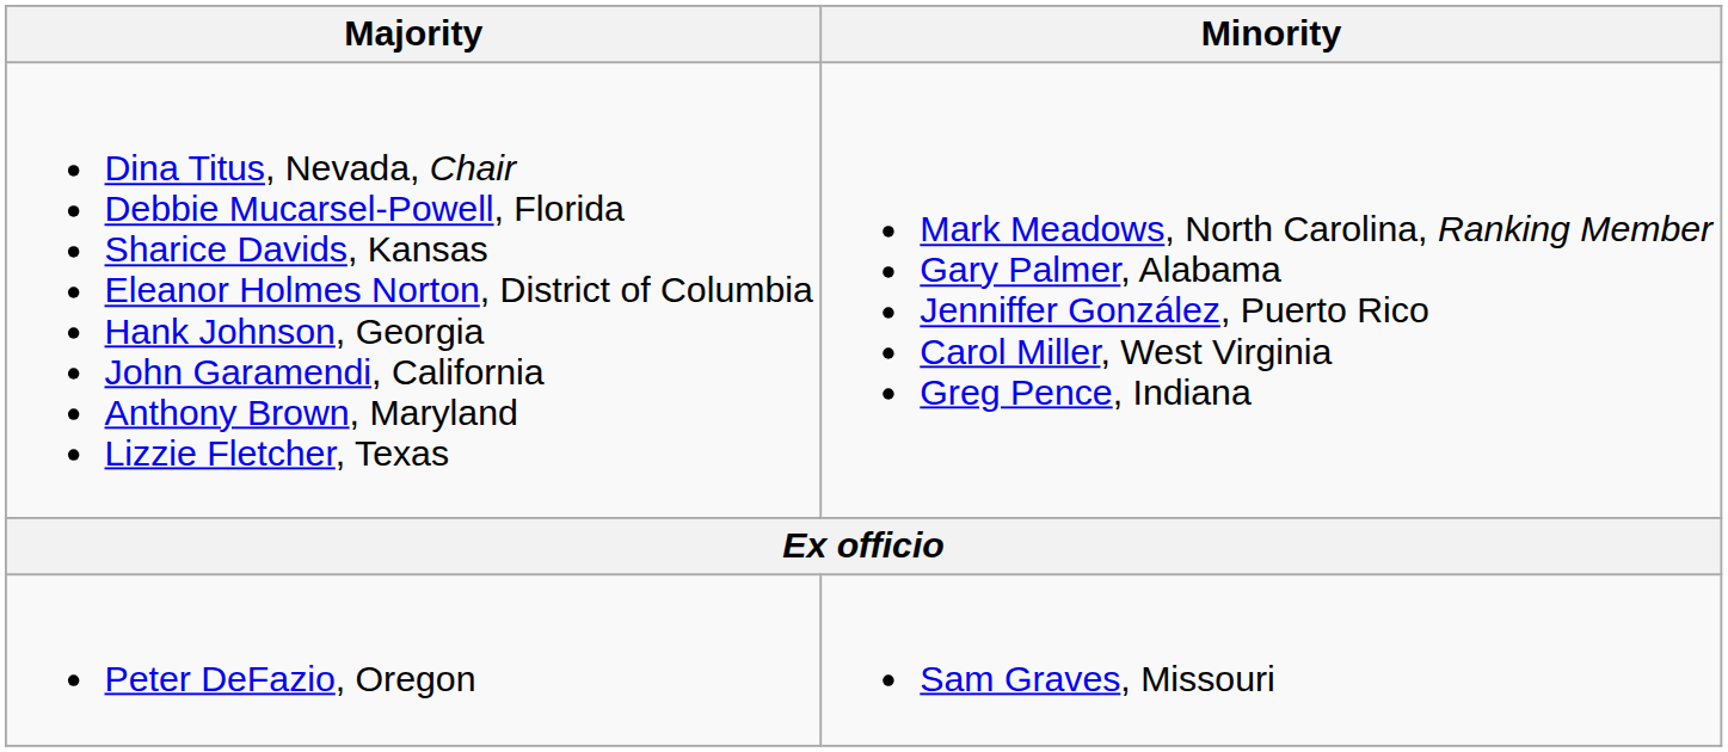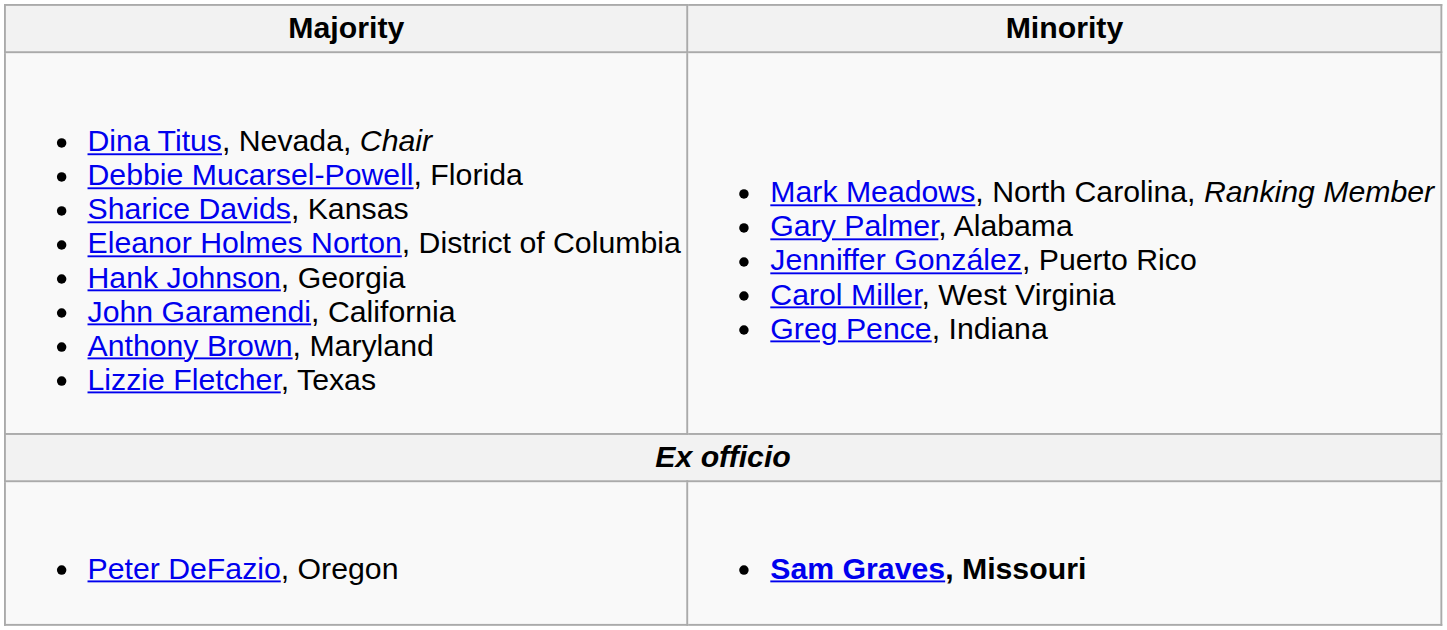 <table class=wikitable>
 <tr>
 <th>Majority</th>
 <th>Minority</th>
 </tr>
 <tr>
 <td><br><ul><li><a href='#'>Dina Titus</a>, Nevada, <em>Chair</em></li><li><a href='#'>Debbie Mucarsel-Powell</a>, Florida</li><li><a href='#'>Sharice Davids</a>, Kansas</li><li><a href='#'>Eleanor Holmes Norton</a>, District of Columbia</li><li><a href='#'>Hank Johnson</a>, Georgia</li><li><a href='#'>John Garamendi</a>, California</li><li><a href='#'>Anthony Brown</a>, Maryland</li><li><a href='#'>Lizzie Fletcher</a>, Texas</li></ul></td>
 <td><br><ul><li><a href='#'>Mark Meadows</a>, North Carolina, <em>Ranking Member</em></li><li><a href='#'>Gary Palmer</a>, Alabama</li><li><a href='#'>Jenniffer González</a>, Puerto Rico</li><li><a href='#'>Carol Miller</a>, West Virginia</li><li><a href='#'>Greg Pence</a>, Indiana</li></ul></td>
 </tr>
 <tr>
 <th colspan=2><em>Ex officio</em></th>
 </tr>
 <tr>
 <td><br><ul><li><a href='#'>Peter DeFazio</a>, Oregon</li></ul></td>
-<td><br><ul><li><a href='#'>Sam Graves</a>, Missouri</li></ul></td>
+<td><strong><br><ul><li><a href='#'>Sam Graves</a>, Missouri</li></ul></strong></td>
 </tr>
 </table>
